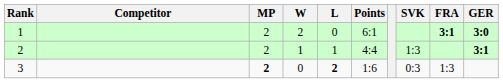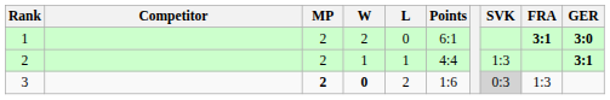 <table class="wikitable" style="text-align:center">
 <tr>
 <th>Rank</th>
 <th style="width:18em">Competitor</th>
 <th style="width:2.5em">MP</th>
 <th style="width:2.5em">W</th>
 <th style="width:2.5em">L</th>
 <th>Points</th>
 <th rowspan="4"> </th>
 <th style="width:2.5em">SVK</th>
 <th style="width:2.5em">FRA</th>
 <th style="width:2.5em">GER</th>
 </tr>
 <tr style="background:#cfc;">
 <td>1</td>
 <td style="text-align:left"></td>
 <td>2</td>
 <td>2</td>
 <td>0</td>
 <td>6:1</td>
 <td></td>
 <td><strong>3:1</strong></td>
 <td><strong>3:0</strong></td>
 </tr>
 <tr style="background:#cfc;">
 <td>2</td>
 <td style="text-align:left"></td>
 <td>2</td>
 <td>1</td>
 <td>1</td>
 <td>4:4</td>
 <td>1:3</td>
 <td></td>
 <td><strong>3:1</strong></td>
 </tr>
 <tr>
 <td>3</td>
 <td style="text-align:left"></td>
 <td><strong>2</strong></td>
-<td>0</td>
-<td><strong>2</strong></td>
+<td><strong>0</strong></td>
+<td>2</td>
 <td>1:6</td>
-<td>0:3</td>
+<td style="background: lightgrey;">0:3</td>
 <td>1:3</td>
 <td></td>
 </tr>
 </table>
